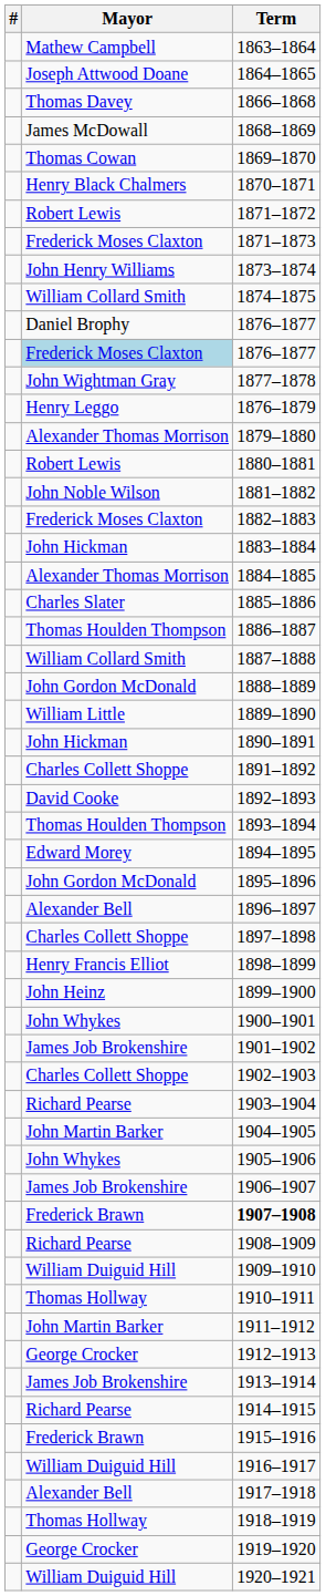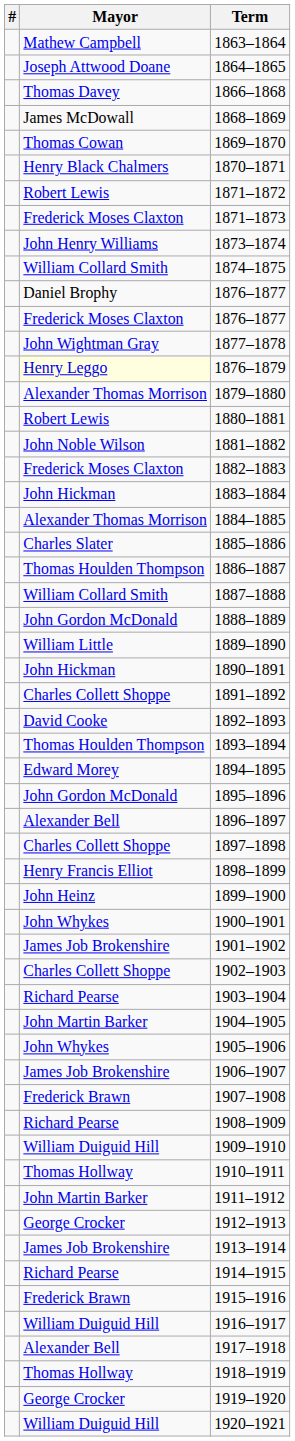 <table class="wikitable">
 <tr>
 <th>#</th>
 <th>Mayor</th>
 <th>Term</th>
 </tr>
 <tr>
 <td></td>
 <td><a href='#'>Mathew Campbell</a></td>
 <td>1863–1864</td>
 </tr>
 <tr>
 <td></td>
 <td><a href='#'>Joseph Attwood Doane</a></td>
 <td>1864–1865</td>
 </tr>
 <tr>
 <td></td>
 <td><a href='#'>Thomas Davey</a></td>
 <td>1866–1868</td>
 </tr>
 <tr>
 <td></td>
 <td>James McDowall</td>
 <td>1868–1869</td>
 </tr>
 <tr>
 <td></td>
 <td><a href='#'>Thomas Cowan</a></td>
 <td>1869–1870</td>
 </tr>
 <tr>
 <td></td>
 <td><a href='#'>Henry Black Chalmers</a></td>
 <td>1870–1871</td>
 </tr>
 <tr>
 <td></td>
 <td><a href='#'>Robert Lewis</a></td>
 <td>1871–1872</td>
 </tr>
 <tr>
 <td></td>
 <td><a href='#'>Frederick Moses Claxton</a></td>
 <td>1871–1873</td>
 </tr>
 <tr>
 <td></td>
 <td><a href='#'>John Henry Williams</a></td>
 <td>1873–1874</td>
 </tr>
 <tr>
 <td></td>
 <td><a href='#'>William Collard Smith</a></td>
 <td>1874–1875</td>
 </tr>
 <tr>
 <td></td>
 <td>Daniel Brophy</td>
 <td>1876–1877</td>
 </tr>
 <tr>
 <td></td>
-<td style="background: lightblue;"><a href='#'>Frederick Moses Claxton</a></td>
+<td><a href='#'>Frederick Moses Claxton</a></td>
 <td>1876–1877</td>
 </tr>
 <tr>
 <td></td>
 <td><a href='#'>John Wightman Gray</a></td>
 <td>1877–1878</td>
 </tr>
 <tr>
 <td></td>
-<td><a href='#'>Henry Leggo</a></td>
+<td style="background: lightyellow;"><a href='#'>Henry Leggo</a></td>
 <td>1876–1879</td>
 </tr>
 <tr>
 <td></td>
 <td><a href='#'>Alexander Thomas Morrison</a></td>
 <td>1879–1880</td>
 </tr>
 <tr>
 <td></td>
 <td><a href='#'>Robert Lewis</a></td>
 <td>1880–1881</td>
 </tr>
 <tr>
 <td></td>
 <td><a href='#'>John Noble Wilson</a></td>
 <td>1881–1882</td>
 </tr>
 <tr>
 <td></td>
 <td><a href='#'>Frederick Moses Claxton</a></td>
 <td>1882–1883</td>
 </tr>
 <tr>
 <td></td>
 <td><a href='#'>John Hickman</a></td>
 <td>1883–1884</td>
 </tr>
 <tr>
 <td></td>
 <td><a href='#'>Alexander Thomas Morrison</a></td>
 <td>1884–1885</td>
 </tr>
 <tr>
 <td></td>
 <td><a href='#'>Charles Slater</a></td>
 <td>1885–1886</td>
 </tr>
 <tr>
 <td></td>
 <td><a href='#'>Thomas Houlden Thompson</a></td>
 <td>1886–1887</td>
 </tr>
 <tr>
 <td></td>
 <td><a href='#'>William Collard Smith</a></td>
 <td>1887–1888</td>
 </tr>
 <tr>
 <td></td>
 <td><a href='#'>John Gordon McDonald</a></td>
 <td>1888–1889</td>
 </tr>
 <tr>
 <td></td>
 <td><a href='#'>William Little</a></td>
 <td>1889–1890</td>
 </tr>
 <tr>
 <td></td>
 <td><a href='#'>John Hickman</a></td>
 <td>1890–1891</td>
 </tr>
 <tr>
 <td></td>
 <td><a href='#'>Charles Collett Shoppe</a></td>
 <td>1891–1892</td>
 </tr>
 <tr>
 <td></td>
 <td><a href='#'>David Cooke</a></td>
 <td>1892–1893</td>
 </tr>
 <tr>
 <td></td>
 <td><a href='#'>Thomas Houlden Thompson</a></td>
 <td>1893–1894</td>
 </tr>
 <tr>
 <td></td>
 <td><a href='#'>Edward Morey</a></td>
 <td>1894–1895</td>
 </tr>
 <tr>
 <td></td>
 <td><a href='#'>John Gordon McDonald</a></td>
 <td>1895–1896</td>
 </tr>
 <tr>
 <td></td>
 <td><a href='#'>Alexander Bell</a></td>
 <td>1896–1897</td>
 </tr>
 <tr>
 <td></td>
 <td><a href='#'>Charles Collett Shoppe</a></td>
 <td>1897–1898</td>
 </tr>
 <tr>
 <td></td>
 <td><a href='#'>Henry Francis Elliot</a></td>
 <td>1898–1899</td>
 </tr>
 <tr>
 <td></td>
 <td><a href='#'>John Heinz</a></td>
 <td>1899–1900</td>
 </tr>
 <tr>
 <td></td>
 <td><a href='#'>John Whykes</a></td>
 <td>1900–1901</td>
 </tr>
 <tr>
 <td></td>
 <td><a href='#'>James Job Brokenshire</a></td>
 <td>1901–1902</td>
 </tr>
 <tr>
 <td></td>
 <td><a href='#'>Charles Collett Shoppe</a></td>
 <td>1902–1903</td>
 </tr>
 <tr>
 <td></td>
 <td><a href='#'>Richard Pearse</a></td>
 <td>1903–1904</td>
 </tr>
 <tr>
 <td></td>
 <td><a href='#'>John Martin Barker</a></td>
 <td>1904–1905</td>
 </tr>
 <tr>
 <td></td>
 <td><a href='#'>John Whykes</a></td>
 <td>1905–1906</td>
 </tr>
 <tr>
 <td></td>
 <td><a href='#'>James Job Brokenshire</a></td>
 <td>1906–1907</td>
 </tr>
 <tr>
 <td></td>
 <td><a href='#'>Frederick Brawn</a></td>
-<td><strong>1907–1908</strong></td>
+<td>1907–1908</td>
 </tr>
 <tr>
 <td></td>
 <td><a href='#'>Richard Pearse</a></td>
 <td>1908–1909</td>
 </tr>
 <tr>
 <td></td>
 <td><a href='#'>William Duiguid Hill</a></td>
 <td>1909–1910</td>
 </tr>
 <tr>
 <td></td>
 <td><a href='#'>Thomas Hollway</a></td>
 <td>1910–1911</td>
 </tr>
 <tr>
 <td></td>
 <td><a href='#'>John Martin Barker</a></td>
 <td>1911–1912</td>
 </tr>
 <tr>
 <td></td>
 <td><a href='#'>George Crocker</a></td>
 <td>1912–1913</td>
 </tr>
 <tr>
 <td></td>
 <td><a href='#'>James Job Brokenshire</a></td>
 <td>1913–1914</td>
 </tr>
 <tr>
 <td></td>
 <td><a href='#'>Richard Pearse</a></td>
 <td>1914–1915</td>
 </tr>
 <tr>
 <td></td>
 <td><a href='#'>Frederick Brawn</a></td>
 <td>1915–1916</td>
 </tr>
 <tr>
 <td></td>
 <td><a href='#'>William Duiguid Hill</a></td>
 <td>1916–1917</td>
 </tr>
 <tr>
 <td></td>
 <td><a href='#'>Alexander Bell</a></td>
 <td>1917–1918</td>
 </tr>
 <tr>
 <td></td>
 <td><a href='#'>Thomas Hollway</a></td>
 <td>1918–1919</td>
 </tr>
 <tr>
 <td></td>
 <td><a href='#'>George Crocker</a></td>
 <td>1919–1920</td>
 </tr>
 <tr>
 <td></td>
 <td><a href='#'>William Duiguid Hill</a></td>
 <td>1920–1921</td>
 </tr>
 </table>
